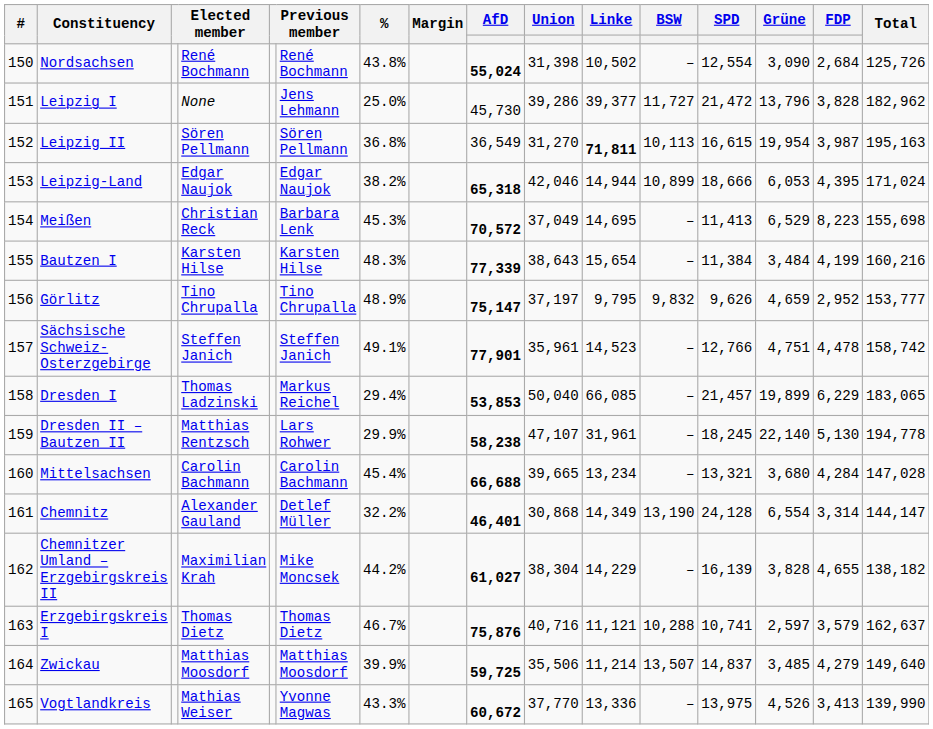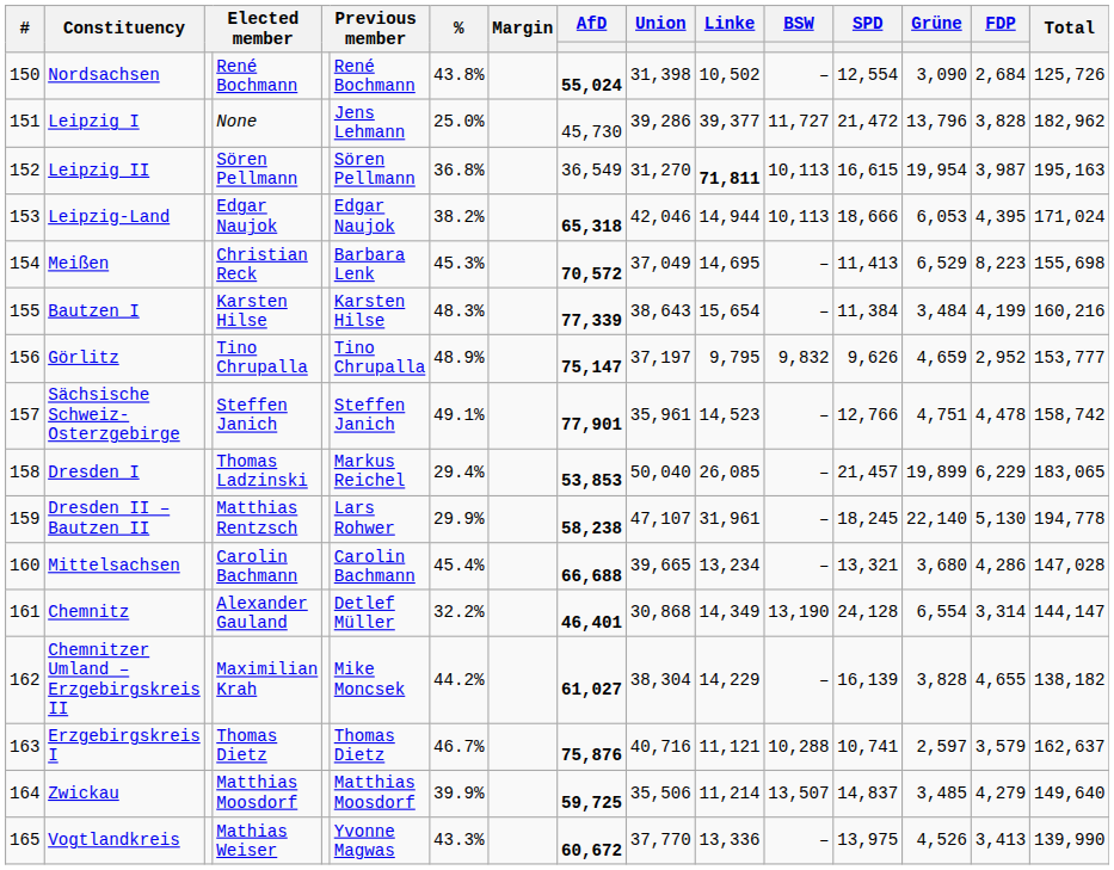 <table class="wikitable sortable" style="text-align:right">
 <tr>
 <th rowspan="2">#</th>
 <th rowspan="2">Constituency</th>
 <th rowspan="2" colspan="2">Elected member</th>
 <th rowspan="2" colspan="2">Previous member</th>
 <th rowspan="2">%</th>
 <th rowspan="2">Margin</th>
 <th class="wikitable sortable" style="width:40px;"><a href='#'>AfD</a></th>
 <th class="wikitable sortable" style="width:40px;"><a href='#'>Union</a></th>
 <th class="wikitable sortable" style="width:40px;"><a href='#'>Linke</a></th>
 <th class="wikitable sortable" style="width:40px;"><a href='#'>BSW</a></th>
 <th class="wikitable sortable" style="width:40px;"><a href='#'>SPD</a></th>
 <th class="wikitable sortable" style="width:40px;"><a href='#'>Grüne</a></th>
 <th class="wikitable sortable" style="width:40px;"><a href='#'>FDP</a></th>
 <th class="wikitable sortable" style="width:40px;" rowspan="2">Total</th>
 </tr>
 <tr>
 <th class="wikitable sortable" style="background:"></th>
 <th class="wikitable sortable" style="background:"></th>
 <th class="wikitable sortable" style="background:"></th>
 <th class="wikitable sortable" style="background:"></th>
 <th class="wikitable sortable" style="background:"></th>
 <th class="wikitable sortable" style="background:"></th>
 <th class="wikitable sortable" style="background:"></th>
 </tr>
 <tr>
 <td>150</td>
 <td align=left><a href='#'>Nordsachsen</a></td>
 <td bgcolor=></td>
 <td align=left><a href='#'>René Bochmann</a></td>
 <td bgcolor=></td>
 <td align=left><a href='#'>René Bochmann</a></td>
 <td>43.8%</td>
 <td></td>
 <td><br><strong>55,024</strong></td>
 <td>31,398</td>
 <td>10,502</td>
 <td>–</td>
 <td>12,554</td>
 <td>3,090</td>
 <td>2,684</td>
 <td>125,726</td>
 </tr>
 <tr>
 <td>151</td>
 <td align=left><a href='#'>Leipzig I</a></td>
 <td bgcolor=></td>
 <td align=left><em>None</em></td>
 <td bgcolor=></td>
 <td align=left><a href='#'>Jens Lehmann</a></td>
 <td>25.0%</td>
 <td></td>
 <td><br>45,730</td>
 <td>39,286</td>
 <td>39,377</td>
 <td>11,727</td>
 <td>21,472</td>
 <td>13,796</td>
 <td>3,828</td>
 <td>182,962</td>
 </tr>
 <tr>
 <td>152</td>
 <td align=left><a href='#'>Leipzig II</a></td>
 <td bgcolor=></td>
 <td align=left><a href='#'>Sören Pellmann</a></td>
 <td bgcolor=></td>
 <td align=left><a href='#'>Sören Pellmann</a></td>
 <td>36.8%</td>
 <td></td>
 <td>36,549</td>
 <td>31,270</td>
 <td><br><strong>71,811</strong></td>
 <td>10,113</td>
 <td>16,615</td>
 <td>19,954</td>
 <td>3,987</td>
 <td>195,163</td>
 </tr>
 <tr>
 <td>153</td>
 <td align=left><a href='#'>Leipzig-Land</a></td>
 <td bgcolor=></td>
 <td align=left><a href='#'>Edgar Naujok</a></td>
 <td bgcolor=></td>
 <td align=left><a href='#'>Edgar Naujok</a></td>
 <td>38.2%</td>
 <td></td>
 <td><br><strong>65,318</strong></td>
 <td>42,046</td>
 <td>14,944</td>
-<td>10,899</td>
+<td>10,113</td>
 <td>18,666</td>
 <td>6,053</td>
 <td>4,395</td>
 <td>171,024</td>
 </tr>
 <tr>
 <td>154</td>
 <td align=left><a href='#'>Meißen</a></td>
 <td bgcolor=></td>
 <td align=left><a href='#'>Christian Reck</a></td>
 <td bgcolor=></td>
 <td align=left><a href='#'>Barbara Lenk</a></td>
 <td>45.3%</td>
 <td></td>
 <td><br><strong>70,572</strong></td>
 <td>37,049</td>
 <td>14,695</td>
 <td>–</td>
 <td>11,413</td>
 <td>6,529</td>
 <td>8,223</td>
 <td>155,698</td>
 </tr>
 <tr>
 <td>155</td>
 <td align=left><a href='#'>Bautzen I</a></td>
 <td bgcolor=></td>
 <td align=left><a href='#'>Karsten Hilse</a></td>
 <td bgcolor=></td>
 <td align=left><a href='#'>Karsten Hilse</a></td>
 <td>48.3%</td>
 <td></td>
 <td><br><strong>77,339</strong></td>
 <td>38,643</td>
 <td>15,654</td>
 <td>–</td>
 <td>11,384</td>
 <td>3,484</td>
 <td>4,199</td>
 <td>160,216</td>
 </tr>
 <tr>
 <td>156</td>
 <td align=left><a href='#'>Görlitz</a></td>
 <td bgcolor=></td>
 <td align=left><a href='#'>Tino Chrupalla</a></td>
 <td bgcolor=></td>
 <td align=left><a href='#'>Tino Chrupalla</a></td>
 <td>48.9%</td>
 <td></td>
 <td><br><strong>75,147</strong></td>
 <td>37,197</td>
 <td>9,795</td>
 <td>9,832</td>
 <td>9,626</td>
 <td>4,659</td>
 <td>2,952</td>
 <td>153,777</td>
 </tr>
 <tr>
 <td>157</td>
 <td align=left><a href='#'>Sächsische Schweiz-Osterzgebirge</a></td>
 <td bgcolor=></td>
 <td align=left><a href='#'>Steffen Janich</a></td>
 <td bgcolor=></td>
 <td align=left><a href='#'>Steffen Janich</a></td>
 <td>49.1%</td>
 <td></td>
 <td><br><strong>77,901</strong></td>
 <td>35,961</td>
 <td>14,523</td>
 <td>–</td>
 <td>12,766</td>
 <td>4,751</td>
 <td>4,478</td>
 <td>158,742</td>
 </tr>
 <tr>
 <td>158</td>
 <td align=left><a href='#'>Dresden I</a></td>
 <td bgcolor=></td>
 <td align=left><a href='#'>Thomas Ladzinski</a></td>
 <td bgcolor=></td>
 <td align=left><a href='#'>Markus Reichel</a></td>
 <td>29.4%</td>
 <td></td>
 <td><br><strong>53,853</strong></td>
 <td>50,040</td>
-<td>66,085</td>
+<td>26,085</td>
 <td>–</td>
 <td>21,457</td>
 <td>19,899</td>
 <td>6,229</td>
 <td>183,065</td>
 </tr>
 <tr>
 <td>159</td>
 <td align=left><a href='#'>Dresden II – Bautzen II</a></td>
 <td bgcolor=></td>
 <td align=left><a href='#'>Matthias Rentzsch</a></td>
 <td bgcolor=></td>
 <td align=left><a href='#'>Lars Rohwer</a></td>
 <td>29.9%</td>
 <td></td>
 <td><br><strong>58,238</strong></td>
 <td>47,107</td>
 <td>31,961</td>
 <td>–</td>
 <td>18,245</td>
 <td>22,140</td>
 <td>5,130</td>
 <td>194,778</td>
 </tr>
 <tr>
 <td>160</td>
 <td align=left><a href='#'>Mittelsachsen</a></td>
 <td bgcolor=></td>
 <td align=left><a href='#'>Carolin Bachmann</a></td>
 <td bgcolor=></td>
 <td align=left><a href='#'>Carolin Bachmann</a></td>
 <td>45.4%</td>
 <td></td>
 <td><br><strong>66,688</strong></td>
 <td>39,665</td>
 <td>13,234</td>
 <td>–</td>
 <td>13,321</td>
 <td>3,680</td>
-<td>4,284</td>
+<td>4,286</td>
 <td>147,028</td>
 </tr>
 <tr>
 <td>161</td>
 <td align=left><a href='#'>Chemnitz</a></td>
 <td bgcolor=></td>
 <td align=left><a href='#'>Alexander Gauland</a></td>
 <td bgcolor=></td>
 <td align=left><a href='#'>Detlef Müller</a></td>
 <td>32.2%</td>
 <td></td>
 <td><br><strong>46,401</strong></td>
 <td>30,868</td>
 <td>14,349</td>
 <td>13,190</td>
 <td>24,128</td>
 <td>6,554</td>
 <td>3,314</td>
 <td>144,147</td>
 </tr>
 <tr>
 <td>162</td>
 <td align=left><a href='#'>Chemnitzer Umland – Erzgebirgskreis II</a></td>
 <td bgcolor=></td>
 <td align=left><a href='#'>Maximilian Krah</a></td>
 <td bgcolor=></td>
 <td align=left><a href='#'>Mike Moncsek</a></td>
 <td>44.2%</td>
 <td></td>
 <td><br><strong>61,027</strong></td>
 <td>38,304</td>
 <td>14,229</td>
 <td>–</td>
 <td>16,139</td>
 <td>3,828</td>
 <td>4,655</td>
 <td>138,182</td>
 </tr>
 <tr>
 <td>163</td>
 <td align=left><a href='#'>Erzgebirgskreis I</a></td>
 <td bgcolor=></td>
 <td align=left><a href='#'>Thomas Dietz</a></td>
 <td bgcolor=></td>
 <td align=left><a href='#'>Thomas Dietz</a></td>
 <td>46.7%</td>
 <td></td>
 <td><br><strong>75,876</strong></td>
 <td>40,716</td>
 <td>11,121</td>
 <td>10,288</td>
 <td>10,741</td>
 <td>2,597</td>
 <td>3,579</td>
 <td>162,637</td>
 </tr>
 <tr>
 <td>164</td>
 <td align=left><a href='#'>Zwickau</a></td>
 <td bgcolor=></td>
 <td align=left><a href='#'>Matthias Moosdorf</a></td>
 <td bgcolor=></td>
 <td align=left><a href='#'>Matthias Moosdorf</a></td>
 <td>39.9%</td>
 <td></td>
 <td><br><strong>59,725</strong></td>
 <td>35,506</td>
 <td>11,214</td>
 <td>13,507</td>
 <td>14,837</td>
 <td>3,485</td>
 <td>4,279</td>
 <td>149,640</td>
 </tr>
 <tr>
 <td>165</td>
 <td align=left><a href='#'>Vogtlandkreis</a></td>
 <td bgcolor=></td>
 <td align=left><a href='#'>Mathias Weiser</a></td>
 <td bgcolor=></td>
 <td align=left><a href='#'>Yvonne Magwas</a></td>
 <td>43.3%</td>
 <td></td>
 <td><br><strong>60,672</strong></td>
 <td>37,770</td>
 <td>13,336</td>
 <td>–</td>
 <td>13,975</td>
 <td>4,526</td>
 <td>3,413</td>
 <td>139,990</td>
 </tr>
 </table>
